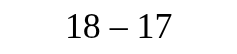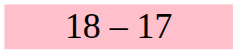 <table style="text-align:center">
 <tr>
 <th width=200></th>
 <th width=100></th>
 <th width=200></th>
 </tr>
 <tr>
 <td align=right><strong></strong></td>
-<td>18 – 17</td>
+<td style="background: pink;">18 – 17</td>
 <td align=left></td>
 </tr>
 </table>
